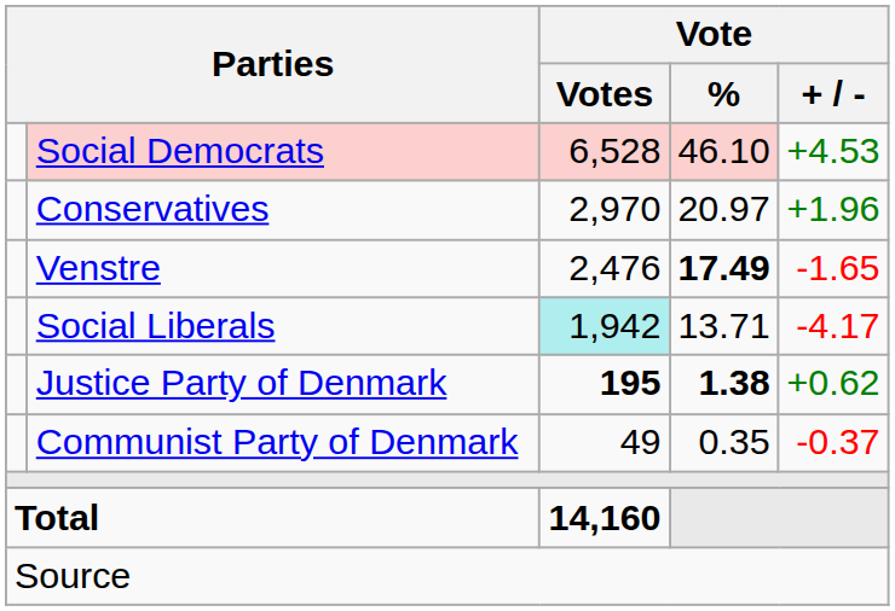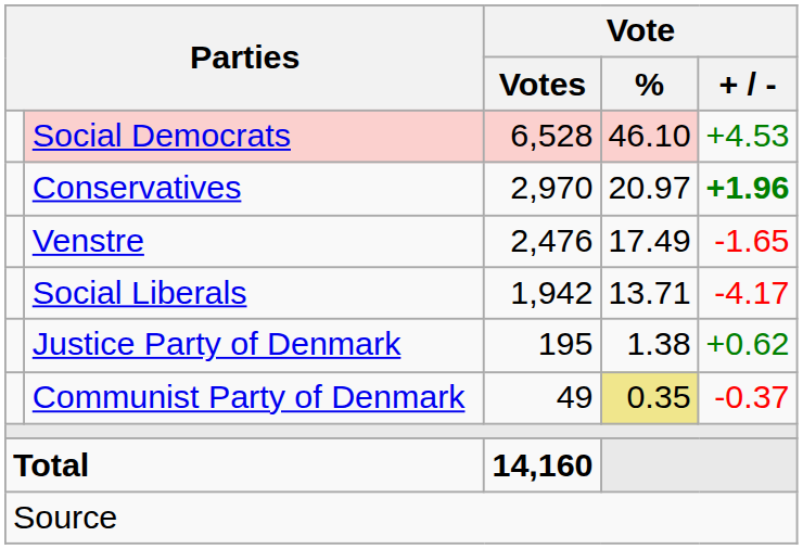 <table class="wikitable" style="text-align:right;">
 <tr>
 <th style="text-align:centre;" rowspan="2" colspan="2" width="225">Parties</th>
 <th colspan="3">Vote</th>
 </tr>
 <tr>
 <th width="15">Votes</th>
 <th width="15">%</th>
 <th width="15">+ / -</th>
 </tr>
 <tr>
 <td width="2" style="color:inherit;background:"></td>
 <td bgcolor=#fbd0ce  align="left"><a href='#'>Social Democrats</a></td>
 <td bgcolor=#fbd0ce>6,528</td>
 <td bgcolor=#fbd0ce>46.10</td>
 <td style=color:green;>+4.53</td>
 </tr>
 <tr>
 <td width="2" style="color:inherit;background:"></td>
 <td align="left"><a href='#'>Conservatives</a></td>
 <td>2,970</td>
 <td>20.97</td>
-<td style=color:green;>+1.96</td>
+<td style=color:green;><strong>+1.96</strong></td>
 </tr>
 <tr>
 <td width="2" style="color:inherit;background:"></td>
 <td align="left"><a href='#'>Venstre</a></td>
 <td>2,476</td>
-<td><strong>17.49</strong></td>
+<td>17.49</td>
 <td style=color:red;>-1.65</td>
 </tr>
 <tr>
 <td width="2" style="color:inherit;background:"></td>
 <td align="left"><a href='#'>Social Liberals</a></td>
-<td style="background: paleturquoise;">1,942</td>
+<td>1,942</td>
 <td>13.71</td>
 <td style=color:red;>-4.17</td>
 </tr>
 <tr>
 <td width="2" style="color:inherit;background:"></td>
 <td align="left"><a href='#'>Justice Party of Denmark</a></td>
-<td><strong>195</strong></td>
-<td><strong>1.38</strong></td>
+<td>195</td>
+<td>1.38</td>
 <td style=color:green;>+0.62</td>
 </tr>
 <tr>
 <td width="2" style="color:inherit;background:"></td>
 <td align="left"><a href='#'>Communist Party of Denmark</a></td>
 <td>49</td>
-<td>0.35</td>
+<td style="background: khaki;">0.35</td>
 <td style=color:red;>-0.37</td>
 </tr>
 <tr>
 <td colspan="7" bgcolor="#E9E9E9"></td>
 </tr>
 <tr>
 <td align="left" colspan="2"><strong>Total</strong></td>
 <td><strong>14,160</strong></td>
 <td bgcolor="#E9E9E9" colspan="2"></td>
 </tr>
 <tr>
 <td align="left" colspan="6">Source</td>
 </tr>
 </table>
